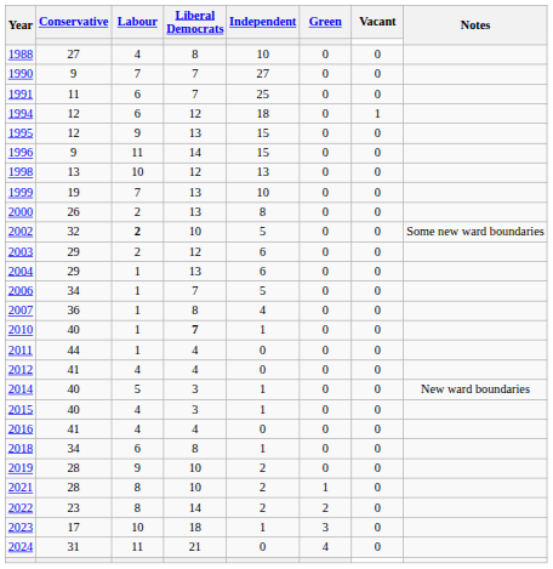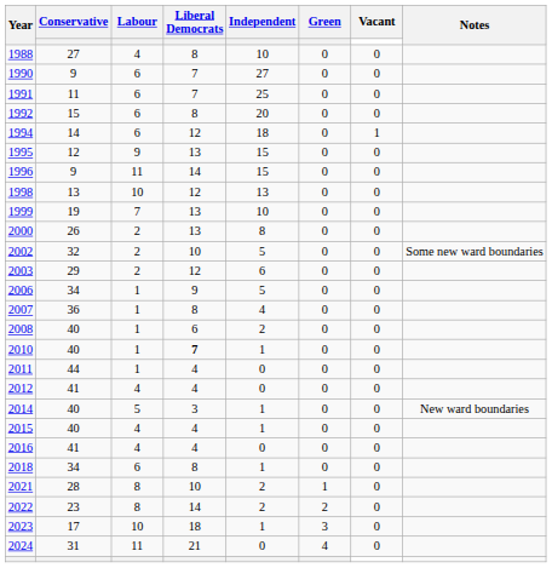 <table class=wikitable style=text-align:center>
 <tr>
 <th rowspan=2>Year</th>
 <th width="60"><a href='#'>Conservative</a></th>
 <th width="60"><a href='#'>Labour</a></th>
 <th width="60"><a href='#'>Liberal Democrats</a></th>
 <th width="60"><a href='#'>Independent</a></th>
 <th width="60"><a href='#'>Green</a></th>
 <th width="60">Vacant</th>
 <th rowspan="2">Notes</th>
 </tr>
 <tr>
 <th style="background-color: "></th>
 <th style="background-color: "></th>
 <th style="background-color: "></th>
 <th style="background-color: "></th>
 <th style="background-color: "></th>
 <th style="background-color: white; width: 3px;"></th>
 </tr>
 <tr>
 <td><a href='#'>1988</a></td>
 <td>27</td>
 <td>4</td>
 <td>8</td>
 <td>10</td>
 <td>0</td>
 <td>0</td>
 <td></td>
 </tr>
 <tr>
 <td><a href='#'>1990</a></td>
 <td>9</td>
-<td>7</td>
+<td>6</td>
 <td>7</td>
 <td>27</td>
 <td>0</td>
 <td>0</td>
 <td></td>
 </tr>
 <tr>
 <td><a href='#'>1991</a></td>
 <td>11</td>
 <td>6</td>
 <td>7</td>
 <td>25</td>
 <td>0</td>
 <td>0</td>
 <td></td>
 </tr>
 <tr>
+<td><a href='#'>1992</a></td>
+<td>15</td>
+<td>6</td>
+<td>8</td>
+<td>20</td>
+<td>0</td>
+<td>0</td>
+<td></td>
+</tr>
+<tr>
 <td><a href='#'>1994</a></td>
-<td>12</td>
+<td>14</td>
 <td>6</td>
 <td>12</td>
 <td>18</td>
 <td>0</td>
 <td>1</td>
 <td></td>
 </tr>
 <tr>
 <td><a href='#'>1995</a></td>
 <td>12</td>
 <td>9</td>
 <td>13</td>
 <td>15</td>
 <td>0</td>
 <td>0</td>
 <td></td>
 </tr>
 <tr>
 <td><a href='#'>1996</a></td>
 <td>9</td>
 <td>11</td>
 <td>14</td>
 <td>15</td>
 <td>0</td>
 <td>0</td>
 <td></td>
 </tr>
 <tr>
 <td><a href='#'>1998</a></td>
 <td>13</td>
 <td>10</td>
 <td>12</td>
 <td>13</td>
 <td>0</td>
 <td>0</td>
 <td></td>
 </tr>
 <tr>
 <td><a href='#'>1999</a></td>
 <td>19</td>
 <td>7</td>
 <td>13</td>
 <td>10</td>
 <td>0</td>
 <td>0</td>
 <td></td>
 </tr>
 <tr>
 <td><a href='#'>2000</a></td>
 <td>26</td>
 <td>2</td>
 <td>13</td>
 <td>8</td>
 <td>0</td>
 <td>0</td>
 <td></td>
 </tr>
 <tr>
 <td><a href='#'>2002</a></td>
 <td>32</td>
-<td><strong>2</strong></td>
+<td>2</td>
 <td>10</td>
 <td>5</td>
 <td>0</td>
 <td>0</td>
 <td>Some new ward boundaries</td>
 </tr>
 <tr>
 <td><a href='#'>2003</a></td>
 <td>29</td>
 <td>2</td>
 <td>12</td>
 <td>6</td>
 <td>0</td>
 <td>0</td>
 <td></td>
 </tr>
 <tr>
-<td><a href='#'>2004</a></td>
-<td>29</td>
-<td>1</td>
-<td>13</td>
-<td>6</td>
-<td>0</td>
-<td>0</td>
-<td></td>
-</tr>
-<tr>
 <td><a href='#'>2006</a></td>
 <td>34</td>
 <td>1</td>
-<td>7</td>
+<td>9</td>
 <td>5</td>
 <td>0</td>
 <td>0</td>
 <td></td>
 </tr>
 <tr>
 <td><a href='#'>2007</a></td>
 <td>36</td>
 <td>1</td>
 <td>8</td>
 <td>4</td>
+<td>0</td>
+<td>0</td>
+<td></td>
+</tr>
+<tr>
+<td><a href='#'>2008</a></td>
+<td>40</td>
+<td>1</td>
+<td>6</td>
+<td>2</td>
 <td>0</td>
 <td>0</td>
 <td></td>
 </tr>
 <tr>
 <td><a href='#'>2010</a></td>
 <td>40</td>
 <td>1</td>
 <td><strong>7</strong></td>
 <td>1</td>
 <td>0</td>
 <td>0</td>
 <td></td>
 </tr>
 <tr>
 <td><a href='#'>2011</a></td>
 <td>44</td>
 <td>1</td>
 <td>4</td>
 <td>0</td>
 <td>0</td>
 <td>0</td>
 <td></td>
 </tr>
 <tr>
 <td><a href='#'>2012</a></td>
 <td>41</td>
 <td>4</td>
 <td>4</td>
 <td>0</td>
 <td>0</td>
 <td>0</td>
 <td></td>
 </tr>
 <tr>
 <td><a href='#'>2014</a></td>
 <td>40</td>
 <td>5</td>
 <td>3</td>
 <td>1</td>
 <td>0</td>
 <td>0</td>
 <td>New ward boundaries</td>
 </tr>
 <tr>
 <td><a href='#'>2015</a></td>
 <td>40</td>
 <td>4</td>
-<td>3</td>
+<td>4</td>
 <td>1</td>
 <td>0</td>
 <td>0</td>
 <td></td>
 </tr>
 <tr>
 <td><a href='#'>2016</a></td>
 <td>41</td>
 <td>4</td>
 <td>4</td>
 <td>0</td>
 <td>0</td>
 <td>0</td>
 <td></td>
 </tr>
 <tr>
 <td><a href='#'>2018</a></td>
 <td>34</td>
 <td>6</td>
 <td>8</td>
 <td>1</td>
-<td>0</td>
-<td>0</td>
-<td></td>
-</tr>
-<tr>
-<td><a href='#'>2019</a></td>
-<td>28</td>
-<td>9</td>
-<td>10</td>
-<td>2</td>
 <td>0</td>
 <td>0</td>
 <td></td>
 </tr>
 <tr>
 <td><a href='#'>2021</a></td>
 <td>28</td>
 <td>8</td>
 <td>10</td>
 <td>2</td>
 <td>1</td>
 <td>0</td>
 <td></td>
 </tr>
 <tr>
 <td><a href='#'>2022</a></td>
 <td>23</td>
 <td>8</td>
 <td>14</td>
 <td>2</td>
 <td>2</td>
 <td>0</td>
 <td></td>
 </tr>
 <tr>
 <td><a href='#'>2023</a></td>
 <td>17</td>
 <td>10</td>
 <td>18</td>
 <td>1</td>
 <td>3</td>
 <td>0</td>
 <td></td>
 </tr>
 <tr>
 <td><a href='#'>2024</a></td>
 <td>31</td>
 <td>11</td>
 <td>21</td>
 <td>0</td>
 <td>4</td>
 <td>0</td>
 </tr>
 <tr>
 <th></th>
 <th style="background-color: "></th>
 <th style="background-color: "></th>
 <th style="background-color: "></th>
 <th style="background-color: "></th>
 <th style="background-color: "></th>
 <th style="background-color: white; width: 3px;"></th>
 <td></td>
 </tr>
 </table>
